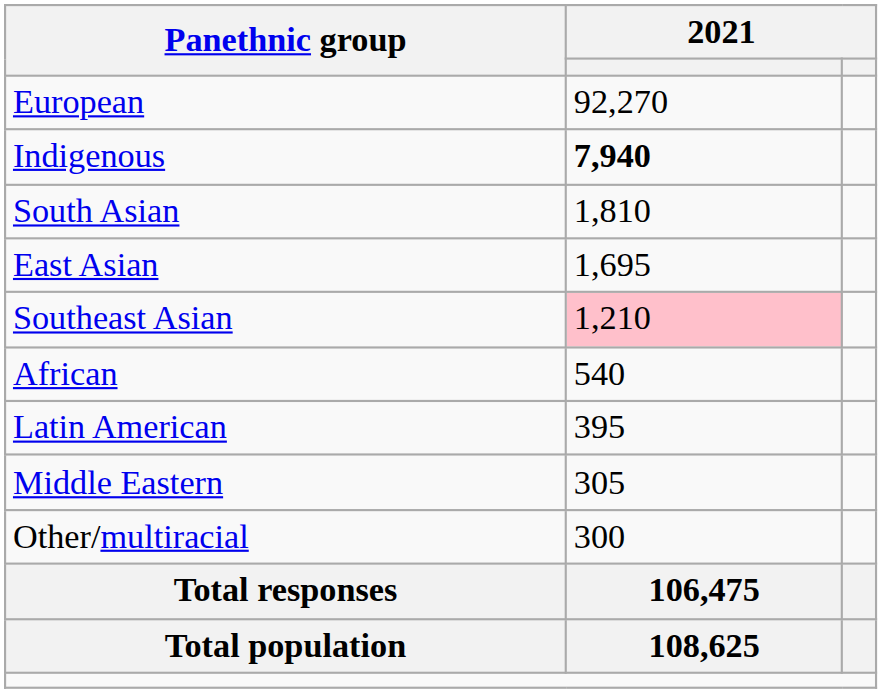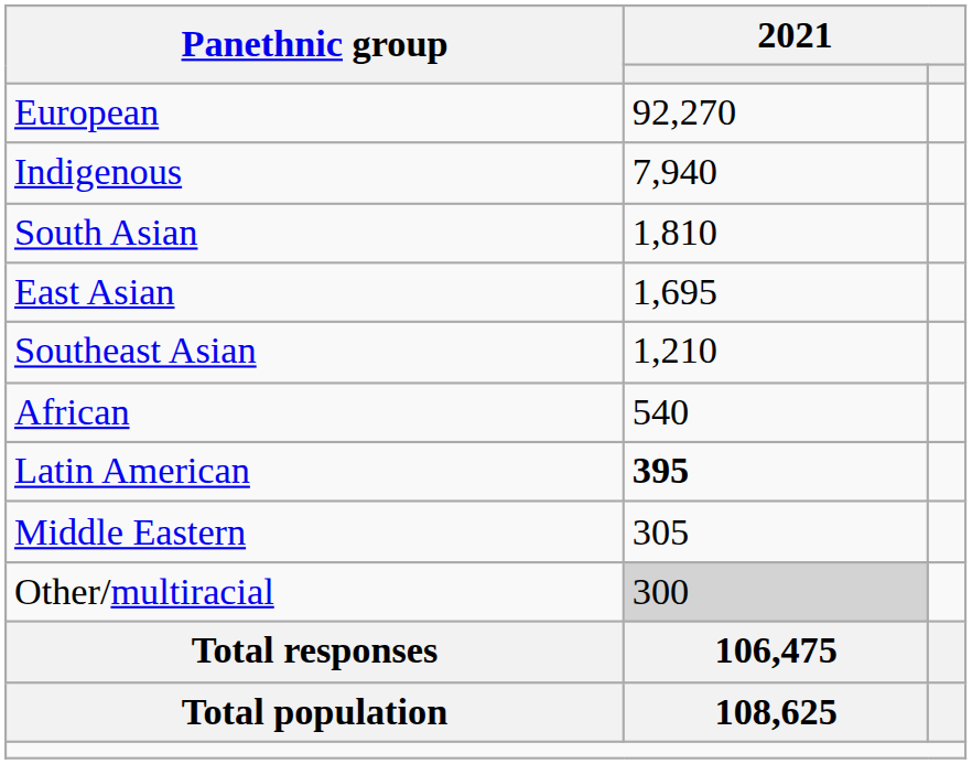 <table class="wikitable collapsible sortable">
 <tr>
 <th rowspan="2"><a href='#'>Panethnic</a> group</th>
 <th colspan="2">2021</th>
 </tr>
 <tr>
 <th><a href='#'></a></th>
 <th></th>
 </tr>
 <tr>
 <td><a href='#'>European</a></td>
 <td>92,270</td>
 <td></td>
 </tr>
 <tr>
 <td><a href='#'>Indigenous</a></td>
-<td><strong>7,940</strong></td>
+<td>7,940</td>
 <td></td>
 </tr>
 <tr>
 <td><a href='#'>South Asian</a></td>
 <td>1,810</td>
 <td></td>
 </tr>
 <tr>
 <td><a href='#'>East Asian</a></td>
 <td>1,695</td>
 <td></td>
 </tr>
 <tr>
 <td><a href='#'>Southeast Asian</a></td>
-<td style="background: pink;">1,210</td>
+<td>1,210</td>
 <td></td>
 </tr>
 <tr>
 <td><a href='#'>African</a></td>
 <td>540</td>
 <td></td>
 </tr>
 <tr>
 <td><a href='#'>Latin American</a></td>
-<td>395</td>
+<td><strong>395</strong></td>
 <td></td>
 </tr>
 <tr>
 <td><a href='#'>Middle Eastern</a></td>
 <td>305</td>
 <td></td>
 </tr>
 <tr>
 <td>Other/<a href='#'>multiracial</a></td>
-<td>300</td>
+<td style="background: lightgrey;">300</td>
 <td></td>
 </tr>
 <tr>
 <th>Total responses</th>
 <th>106,475</th>
 <th></th>
 </tr>
 <tr class="sortbottom">
 <th>Total population</th>
 <th>108,625</th>
 <th></th>
 </tr>
 <tr class="sortbottom">
 <td colspan="15" style="width: 25em;"></td>
 </tr>
 </table>
